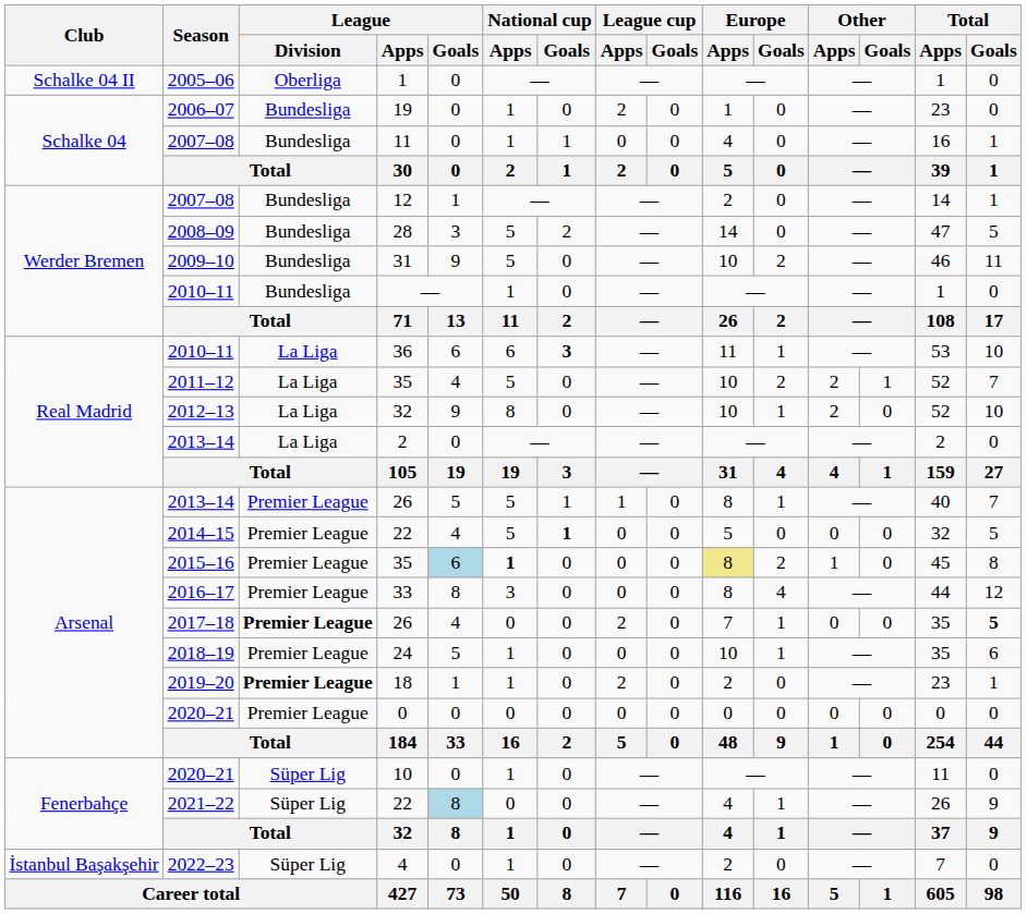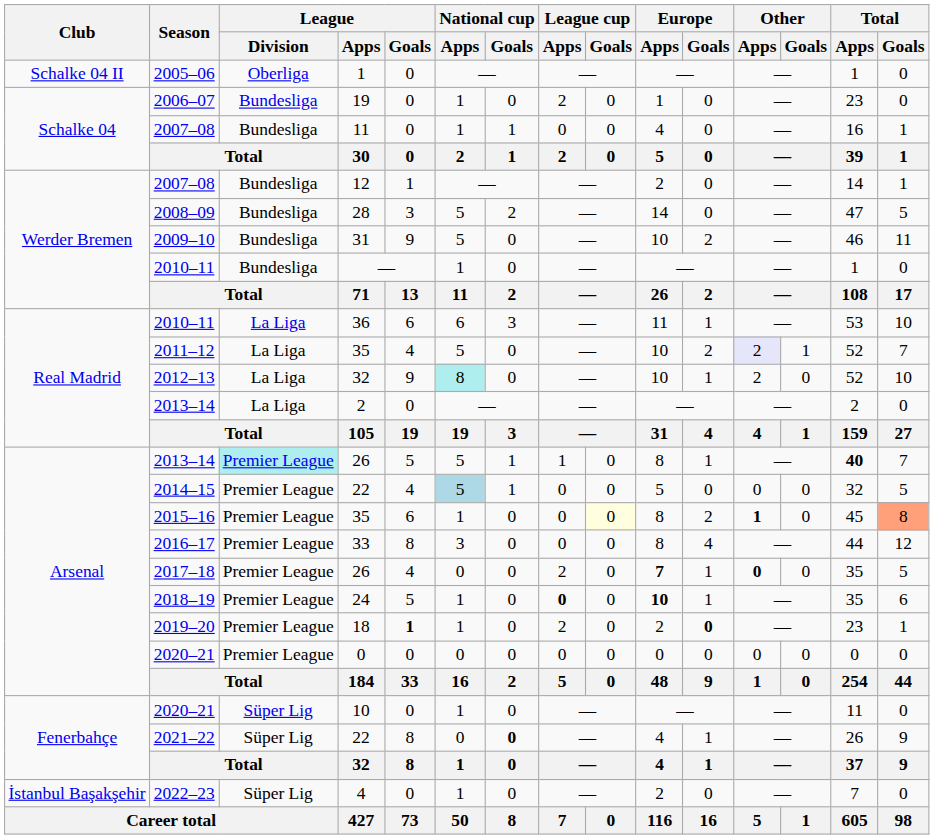 <table class="wikitable" style="text-align:center">
 <tr>
 <th rowspan="2">Club</th>
 <th rowspan="2">Season</th>
 <th colspan="3">League</th>
 <th colspan="2">National cup</th>
 <th colspan="2">League cup</th>
 <th colspan="2">Europe</th>
 <th colspan="2">Other</th>
 <th colspan="2">Total</th>
 </tr>
 <tr>
 <th>Division</th>
 <th>Apps</th>
 <th>Goals</th>
 <th>Apps</th>
 <th>Goals</th>
 <th>Apps</th>
 <th>Goals</th>
 <th>Apps</th>
 <th>Goals</th>
 <th>Apps</th>
 <th>Goals</th>
 <th>Apps</th>
 <th>Goals</th>
 </tr>
 <tr>
 <td><a href='#'>Schalke 04 II</a></td>
 <td><a href='#'>2005–06</a></td>
 <td><a href='#'>Oberliga</a></td>
 <td>1</td>
 <td>0</td>
 <td colspan="2">—</td>
 <td colspan="2">—</td>
 <td colspan="2">—</td>
 <td colspan="2">—</td>
 <td>1</td>
 <td>0</td>
 </tr>
 <tr>
 <td rowspan="3"><a href='#'>Schalke 04</a></td>
 <td><a href='#'>2006–07</a></td>
 <td><a href='#'>Bundesliga</a></td>
 <td>19</td>
 <td>0</td>
 <td>1</td>
 <td>0</td>
 <td>2</td>
 <td>0</td>
 <td>1</td>
 <td>0</td>
 <td colspan="2">—</td>
 <td>23</td>
 <td>0</td>
 </tr>
 <tr>
 <td><a href='#'>2007–08</a></td>
 <td>Bundesliga</td>
 <td>11</td>
 <td>0</td>
 <td>1</td>
 <td>1</td>
 <td>0</td>
 <td>0</td>
 <td>4</td>
 <td>0</td>
 <td colspan="2">—</td>
 <td>16</td>
 <td>1</td>
 </tr>
 <tr>
 <th colspan="2">Total</th>
 <th>30</th>
 <th>0</th>
 <th>2</th>
 <th>1</th>
 <th>2</th>
 <th>0</th>
 <th>5</th>
 <th>0</th>
 <th colspan="2">—</th>
 <th>39</th>
 <th>1</th>
 </tr>
 <tr>
 <td rowspan="5"><a href='#'>Werder Bremen</a></td>
 <td><a href='#'>2007–08</a></td>
 <td>Bundesliga</td>
 <td>12</td>
 <td>1</td>
 <td colspan="2">—</td>
 <td colspan="2">—</td>
 <td>2</td>
 <td>0</td>
 <td colspan="2">—</td>
 <td>14</td>
 <td>1</td>
 </tr>
 <tr>
 <td><a href='#'>2008–09</a></td>
 <td>Bundesliga</td>
 <td>28</td>
 <td>3</td>
 <td>5</td>
 <td>2</td>
 <td colspan="2">—</td>
 <td>14</td>
 <td>0</td>
 <td colspan="2">—</td>
 <td>47</td>
 <td>5</td>
 </tr>
 <tr>
 <td><a href='#'>2009–10</a></td>
 <td>Bundesliga</td>
 <td>31</td>
 <td>9</td>
 <td>5</td>
 <td>0</td>
 <td colspan="2">—</td>
 <td>10</td>
 <td>2</td>
 <td colspan="2">—</td>
 <td>46</td>
 <td>11</td>
 </tr>
 <tr>
 <td><a href='#'>2010–11</a></td>
 <td>Bundesliga</td>
 <td colspan="2">—</td>
 <td>1</td>
 <td>0</td>
 <td colspan="2">—</td>
 <td colspan="2">—</td>
 <td colspan="2">—</td>
 <td>1</td>
 <td>0</td>
 </tr>
 <tr>
 <th colspan="2">Total</th>
 <th>71</th>
 <th>13</th>
 <th>11</th>
 <th>2</th>
 <th colspan="2">—</th>
 <th>26</th>
 <th>2</th>
 <th colspan="2">—</th>
 <th>108</th>
 <th>17</th>
 </tr>
 <tr>
 <td rowspan="5"><a href='#'>Real Madrid</a></td>
 <td><a href='#'>2010–11</a></td>
 <td><a href='#'>La Liga</a></td>
 <td>36</td>
 <td>6</td>
 <td>6</td>
-<td><strong>3</strong></td>
+<td>3</td>
 <td colspan="2">—</td>
 <td>11</td>
 <td>1</td>
 <td colspan="2">—</td>
 <td>53</td>
 <td>10</td>
 </tr>
 <tr>
 <td><a href='#'>2011–12</a></td>
 <td>La Liga</td>
 <td>35</td>
 <td>4</td>
 <td>5</td>
 <td>0</td>
 <td colspan="2">—</td>
 <td>10</td>
 <td>2</td>
-<td>2</td>
+<td style="background: lavender;">2</td>
 <td>1</td>
 <td>52</td>
 <td>7</td>
 </tr>
 <tr>
 <td><a href='#'>2012–13</a></td>
 <td>La Liga</td>
 <td>32</td>
 <td>9</td>
-<td>8</td>
+<td style="background: paleturquoise;">8</td>
 <td>0</td>
 <td colspan="2">—</td>
 <td>10</td>
 <td>1</td>
 <td>2</td>
 <td>0</td>
 <td>52</td>
 <td>10</td>
 </tr>
 <tr>
 <td><a href='#'>2013–14</a></td>
 <td>La Liga</td>
 <td>2</td>
 <td>0</td>
 <td colspan="2">—</td>
 <td colspan="2">—</td>
 <td colspan="2">—</td>
 <td colspan="2">—</td>
 <td>2</td>
 <td>0</td>
 </tr>
 <tr>
 <th colspan="2">Total</th>
 <th>105</th>
 <th>19</th>
 <th>19</th>
 <th>3</th>
 <th colspan="2">—</th>
 <th>31</th>
 <th>4</th>
 <th>4</th>
 <th>1</th>
 <th>159</th>
 <th>27</th>
 </tr>
 <tr>
 <td rowspan="9"><a href='#'>Arsenal</a></td>
 <td><a href='#'>2013–14</a></td>
-<td><a href='#'>Premier League</a></td>
+<td style="background: paleturquoise;"><a href='#'>Premier League</a></td>
 <td>26</td>
 <td>5</td>
 <td>5</td>
 <td>1</td>
 <td>1</td>
 <td>0</td>
 <td>8</td>
 <td>1</td>
 <td colspan="2">—</td>
-<td>40</td>
+<td><strong>40</strong></td>
 <td>7</td>
 </tr>
 <tr>
 <td><a href='#'>2014–15</a></td>
 <td>Premier League</td>
 <td>22</td>
 <td>4</td>
-<td>5</td>
-<td><strong>1</strong></td>
+<td style="background: lightblue;">5</td>
+<td>1</td>
 <td>0</td>
 <td>0</td>
 <td>5</td>
 <td>0</td>
 <td>0</td>
 <td>0</td>
 <td>32</td>
 <td>5</td>
 </tr>
 <tr>
 <td><a href='#'>2015–16</a></td>
 <td>Premier League</td>
 <td>35</td>
-<td style="background: lightblue;">6</td>
+<td>6</td>
+<td>1</td>
+<td>0</td>
+<td>0</td>
+<td style="background: lightyellow;">0</td>
+<td>8</td>
+<td>2</td>
 <td><strong>1</strong></td>
 <td>0</td>
-<td>0</td>
-<td>0</td>
-<td style="background: khaki;">8</td>
-<td>2</td>
-<td>1</td>
-<td>0</td>
 <td>45</td>
-<td>8</td>
+<td style="background: lightsalmon;">8</td>
 </tr>
 <tr>
 <td><a href='#'>2016–17</a></td>
 <td>Premier League</td>
 <td>33</td>
 <td>8</td>
 <td>3</td>
 <td>0</td>
 <td>0</td>
 <td>0</td>
 <td>8</td>
 <td>4</td>
 <td colspan="2">—</td>
 <td>44</td>
 <td>12</td>
 </tr>
 <tr>
 <td><a href='#'>2017–18</a></td>
-<td><strong>Premier League</strong></td>
+<td>Premier League</td>
 <td>26</td>
 <td>4</td>
 <td>0</td>
 <td>0</td>
 <td>2</td>
 <td>0</td>
-<td>7</td>
+<td><strong>7</strong></td>
 <td>1</td>
-<td>0</td>
+<td><strong>0</strong></td>
 <td>0</td>
 <td>35</td>
-<td><strong>5</strong></td>
+<td>5</td>
 </tr>
 <tr>
 <td><a href='#'>2018–19</a></td>
 <td>Premier League</td>
 <td>24</td>
 <td>5</td>
 <td>1</td>
 <td>0</td>
+<td><strong>0</strong></td>
 <td>0</td>
-<td>0</td>
-<td>10</td>
+<td><strong>10</strong></td>
 <td>1</td>
 <td colspan="2">—</td>
 <td>35</td>
 <td>6</td>
 </tr>
 <tr>
 <td><a href='#'>2019–20</a></td>
-<td><strong>Premier League</strong></td>
+<td>Premier League</td>
 <td>18</td>
-<td>1</td>
+<td><strong>1</strong></td>
 <td>1</td>
 <td>0</td>
 <td>2</td>
 <td>0</td>
 <td>2</td>
-<td>0</td>
+<td><strong>0</strong></td>
 <td colspan="2">—</td>
 <td>23</td>
 <td>1</td>
 </tr>
 <tr>
 <td><a href='#'>2020–21</a></td>
 <td>Premier League</td>
 <td>0</td>
 <td>0</td>
 <td>0</td>
 <td>0</td>
 <td>0</td>
 <td>0</td>
 <td>0</td>
 <td>0</td>
 <td>0</td>
 <td>0</td>
 <td>0</td>
 <td>0</td>
 </tr>
 <tr>
 <th colspan="2">Total</th>
 <th>184</th>
 <th>33</th>
 <th>16</th>
 <th>2</th>
 <th>5</th>
 <th>0</th>
 <th>48</th>
 <th>9</th>
 <th>1</th>
 <th>0</th>
 <th>254</th>
 <th>44</th>
 </tr>
 <tr>
 <td rowspan="3"><a href='#'>Fenerbahçe</a></td>
 <td><a href='#'>2020–21</a></td>
 <td><a href='#'>Süper Lig</a></td>
 <td>10</td>
 <td>0</td>
 <td>1</td>
 <td>0</td>
 <td colspan="2">—</td>
 <td colspan="2">—</td>
 <td colspan="2">—</td>
 <td>11</td>
 <td>0</td>
 </tr>
 <tr>
 <td><a href='#'>2021–22</a></td>
 <td>Süper Lig</td>
 <td>22</td>
-<td style="background: lightblue;">8</td>
+<td>8</td>
 <td>0</td>
-<td>0</td>
+<td><strong>0</strong></td>
 <td colspan="2">—</td>
 <td>4</td>
 <td>1</td>
 <td colspan="2">—</td>
 <td>26</td>
 <td>9</td>
 </tr>
 <tr>
 <th colspan="2">Total</th>
 <th>32</th>
 <th>8</th>
 <th>1</th>
 <th>0</th>
 <th colspan="2">—</th>
 <th>4</th>
 <th>1</th>
 <th colspan="2">—</th>
 <th>37</th>
 <th>9</th>
 </tr>
 <tr>
 <td><a href='#'>İstanbul Başakşehir</a></td>
 <td><a href='#'>2022–23</a></td>
 <td>Süper Lig</td>
 <td>4</td>
 <td>0</td>
 <td>1</td>
 <td>0</td>
 <td colspan="2">—</td>
 <td>2</td>
 <td>0</td>
 <td colspan="2">—</td>
 <td>7</td>
 <td>0</td>
 </tr>
 <tr>
 <th colspan="3">Career total</th>
 <th>427</th>
 <th>73</th>
 <th>50</th>
 <th>8</th>
 <th>7</th>
 <th>0</th>
 <th>116</th>
 <th>16</th>
 <th>5</th>
 <th>1</th>
 <th>605</th>
 <th>98</th>
 </tr>
 </table>
